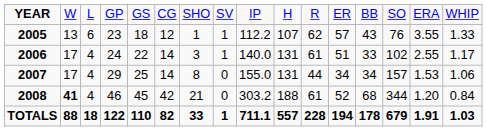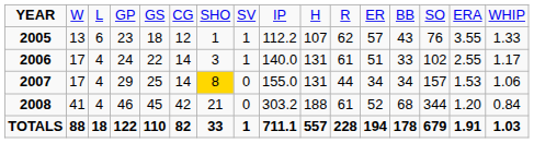 <table class="wikitable">
 <tr align=center>
 <td><strong>YEAR</strong></td>
 <td><a href='#'>W</a></td>
 <td><a href='#'>L</a></td>
 <td><a href='#'>GP</a></td>
 <td><a href='#'>GS</a></td>
 <td><a href='#'>CG</a></td>
 <td><a href='#'>SHO</a></td>
 <td><a href='#'>SV</a></td>
 <td><a href='#'>IP</a></td>
 <td><a href='#'>H</a></td>
 <td><a href='#'>R</a></td>
 <td><a href='#'>ER</a></td>
 <td><a href='#'>BB</a></td>
 <td><a href='#'>SO</a></td>
 <td><a href='#'>ERA</a></td>
 <td><a href='#'>WHIP</a></td>
 </tr>
 <tr align=center>
 <td><strong>2005</strong></td>
 <td>13</td>
 <td>6</td>
 <td>23</td>
 <td>18</td>
 <td>12</td>
 <td>1</td>
 <td>1</td>
 <td>112.2</td>
 <td>107</td>
 <td>62</td>
 <td>57</td>
 <td>43</td>
 <td>76</td>
 <td>3.55</td>
 <td>1.33</td>
 </tr>
 <tr align=center>
 <td><strong>2006</strong></td>
 <td>17</td>
 <td>4</td>
 <td>24</td>
 <td>22</td>
 <td>14</td>
 <td>3</td>
 <td>1</td>
 <td>140.0</td>
 <td>131</td>
 <td>61</td>
 <td>51</td>
 <td>33</td>
 <td>102</td>
 <td>2.55</td>
 <td>1.17</td>
 </tr>
 <tr align=center>
 <td><strong>2007</strong></td>
 <td>17</td>
 <td>4</td>
 <td>29</td>
 <td>25</td>
 <td>14</td>
-<td>8</td>
+<td style="background: gold;">8</td>
 <td>0</td>
 <td>155.0</td>
 <td>131</td>
 <td>44</td>
 <td>34</td>
 <td>34</td>
 <td>157</td>
 <td>1.53</td>
 <td>1.06</td>
 </tr>
 <tr align=center>
 <td><strong>2008</strong></td>
-<td><strong>41</strong></td>
+<td>41</td>
 <td>4</td>
 <td>46</td>
 <td>45</td>
 <td>42</td>
 <td>21</td>
 <td>0</td>
 <td>303.2</td>
 <td>188</td>
 <td>61</td>
 <td>52</td>
 <td>68</td>
 <td>344</td>
 <td>1.20</td>
 <td>0.84</td>
 </tr>
 <tr align=center>
 <td><strong>TOTALS</strong></td>
 <td><strong>88</strong></td>
 <td><strong>18</strong></td>
 <td><strong>122</strong></td>
 <td><strong>110</strong></td>
 <td><strong>82</strong></td>
 <td><strong>33</strong></td>
 <td><strong>1</strong></td>
 <td><strong>711.1</strong></td>
 <td><strong>557</strong></td>
 <td><strong>228</strong></td>
 <td><strong>194</strong></td>
 <td><strong>178</strong></td>
 <td><strong>679</strong></td>
 <td><strong>1.91</strong></td>
 <td><strong>1.03</strong></td>
 </tr>
 </table>
